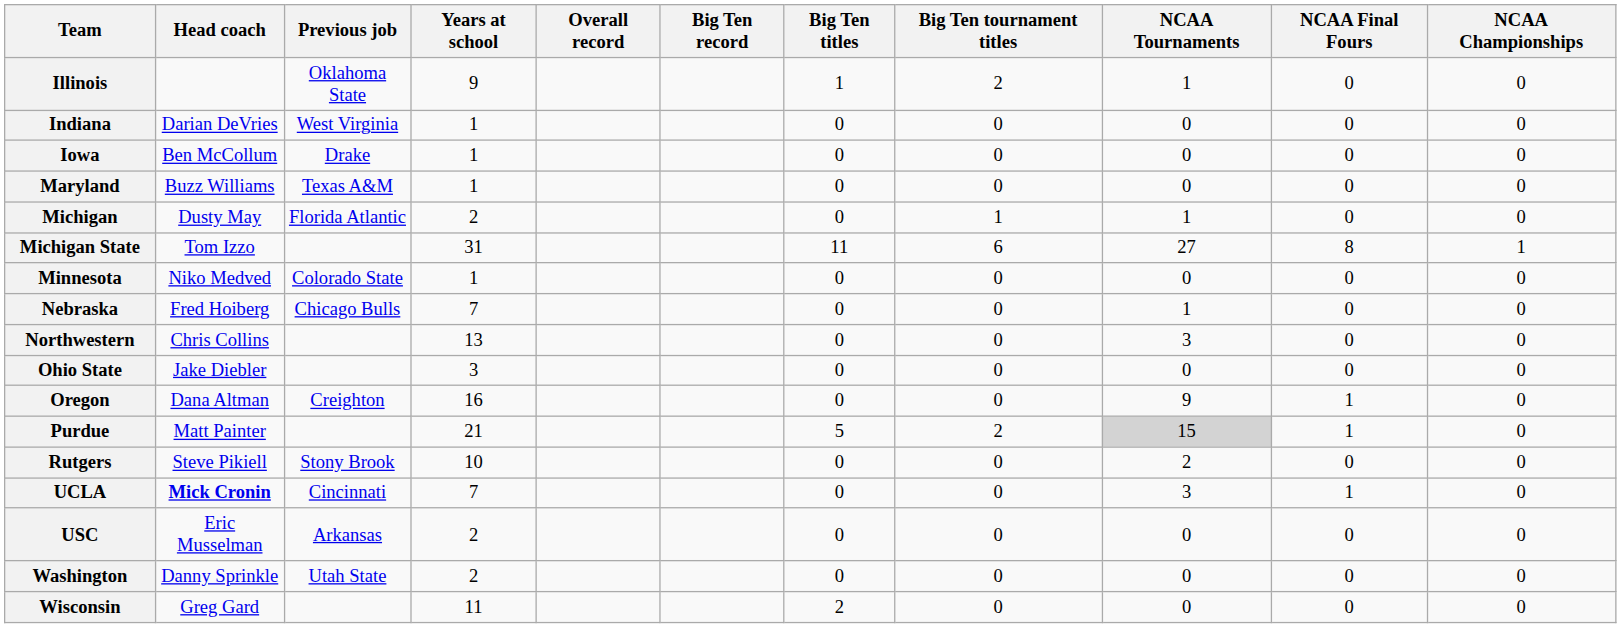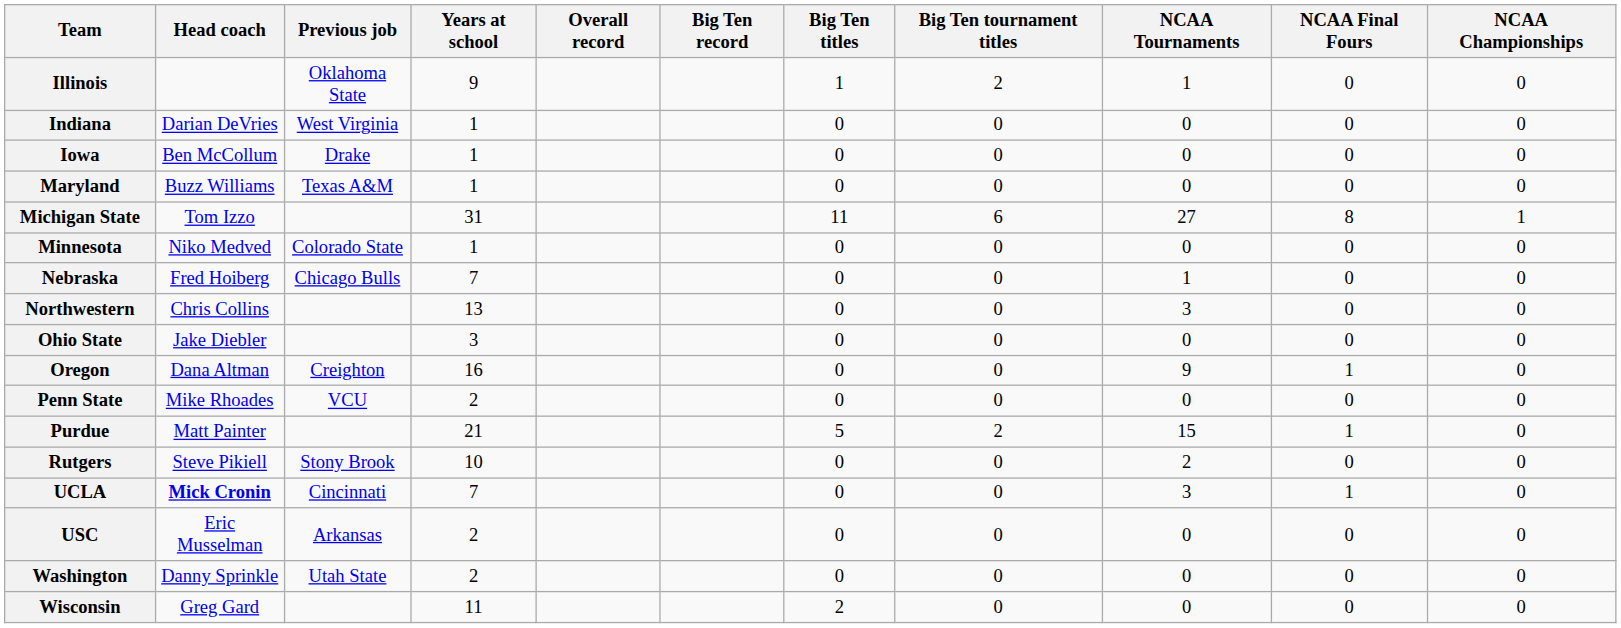 <table class="wikitable sortable" style="text-align: center;font-size:90%;">
 <tr>
 <th width="110">Team</th>
 <th>Head coach</th>
 <th>Previous job</th>
 <th>Years at school</th>
 <th>Overall record</th>
 <th>Big Ten record</th>
 <th>Big Ten titles</th>
 <th>Big Ten tournament titles</th>
 <th>NCAA Tournaments</th>
 <th>NCAA Final Fours</th>
 <th>NCAA Championships</th>
 </tr>
 <tr>
 <th style=background:#>Illinois</th>
 <td></td>
 <td><a href='#'>Oklahoma State</a></td>
 <td>9</td>
 <td></td>
 <td></td>
 <td>1</td>
 <td>2</td>
 <td>1</td>
 <td>0</td>
 <td>0</td>
 </tr>
 <tr>
 <th style=>Indiana</th>
 <td><a href='#'>Darian DeVries</a></td>
 <td><a href='#'>West Virginia</a></td>
 <td>1</td>
 <td></td>
 <td></td>
 <td>0</td>
 <td>0</td>
 <td>0</td>
 <td>0</td>
 <td>0</td>
 </tr>
 <tr>
 <th style=>Iowa</th>
 <td><a href='#'>Ben McCollum</a></td>
 <td><a href='#'>Drake</a></td>
 <td>1</td>
 <td></td>
 <td></td>
 <td>0</td>
 <td>0</td>
 <td>0</td>
 <td>0</td>
 <td>0</td>
 </tr>
 <tr>
 <th style=>Maryland</th>
 <td><a href='#'>Buzz Williams</a></td>
 <td><a href='#'>Texas A&M</a></td>
 <td>1</td>
 <td></td>
 <td></td>
 <td>0</td>
 <td>0</td>
 <td>0</td>
-<td>0</td>
-<td>0</td>
-</tr>
-<tr>
-<th style=>Michigan</th>
-<td><a href='#'>Dusty May</a></td>
-<td><a href='#'>Florida Atlantic</a></td>
-<td>2</td>
-<td></td>
-<td></td>
-<td>0</td>
-<td>1</td>
-<td>1</td>
 <td>0</td>
 <td>0</td>
 </tr>
 <tr>
 <th style=>Michigan State</th>
 <td><a href='#'>Tom Izzo</a></td>
 <td></td>
 <td>31</td>
 <td></td>
 <td></td>
 <td>11</td>
 <td>6</td>
 <td>27</td>
 <td>8</td>
 <td>1</td>
 </tr>
 <tr>
 <th style=>Minnesota</th>
 <td><a href='#'>Niko Medved</a></td>
 <td><a href='#'>Colorado State</a></td>
 <td>1</td>
 <td></td>
 <td></td>
 <td>0</td>
 <td>0</td>
 <td>0</td>
 <td>0</td>
 <td>0</td>
 </tr>
 <tr>
 <th style=>Nebraska</th>
 <td><a href='#'>Fred Hoiberg</a></td>
 <td><a href='#'>Chicago Bulls</a></td>
 <td>7</td>
 <td></td>
 <td></td>
 <td>0</td>
 <td>0</td>
 <td>1</td>
 <td>0</td>
 <td>0</td>
 </tr>
 <tr>
 <th style=>Northwestern</th>
 <td><a href='#'>Chris Collins</a></td>
 <td></td>
 <td>13</td>
 <td></td>
 <td></td>
 <td>0</td>
 <td>0</td>
 <td>3</td>
 <td>0</td>
 <td>0</td>
 </tr>
 <tr>
 <th style=>Ohio State</th>
 <td><a href='#'>Jake Diebler</a></td>
 <td></td>
 <td>3</td>
 <td></td>
 <td></td>
 <td>0</td>
 <td>0</td>
 <td>0</td>
 <td>0</td>
 <td>0</td>
 </tr>
 <tr>
 <th style=>Oregon</th>
 <td><a href='#'>Dana Altman</a></td>
 <td><a href='#'>Creighton</a></td>
 <td>16</td>
 <td></td>
 <td></td>
 <td>0</td>
 <td>0</td>
 <td>9</td>
 <td>1</td>
 <td>0</td>
 </tr>
 <tr>
+<th>Penn State</th>
+<td><a href='#'>Mike Rhoades</a></td>
+<td><a href='#'>VCU</a></td>
+<td>2</td>
+<td></td>
+<td></td>
+<td>0</td>
+<td>0</td>
+<td>0</td>
+<td>0</td>
+<td>0</td>
+</tr>
+<tr>
 <th style=>Purdue</th>
 <td><a href='#'>Matt Painter</a></td>
 <td></td>
 <td>21</td>
 <td></td>
 <td></td>
 <td>5</td>
 <td>2</td>
-<td style="background: lightgrey;">15</td>
+<td>15</td>
 <td>1</td>
 <td>0</td>
 </tr>
 <tr>
 <th style=>Rutgers</th>
 <td><a href='#'>Steve Pikiell</a></td>
 <td><a href='#'>Stony Brook</a></td>
 <td>10</td>
 <td></td>
 <td></td>
 <td>0</td>
 <td>0</td>
 <td>2</td>
 <td>0</td>
 <td>0</td>
 </tr>
 <tr>
 <th style=>UCLA</th>
 <td><strong><a href='#'>Mick Cronin</a></strong></td>
 <td><a href='#'>Cincinnati</a></td>
 <td>7</td>
 <td></td>
 <td></td>
 <td>0</td>
 <td>0</td>
 <td>3</td>
 <td>1</td>
 <td>0</td>
 </tr>
 <tr>
 <th style=>USC</th>
 <td><a href='#'>Eric Musselman</a></td>
 <td><a href='#'>Arkansas</a></td>
 <td>2</td>
 <td></td>
 <td></td>
 <td>0</td>
 <td>0</td>
 <td>0</td>
 <td>0</td>
 <td>0</td>
 </tr>
 <tr>
 <th style=>Washington</th>
 <td><a href='#'>Danny Sprinkle</a></td>
 <td><a href='#'>Utah State</a></td>
 <td>2</td>
 <td></td>
 <td></td>
 <td>0</td>
 <td>0</td>
 <td>0</td>
 <td>0</td>
 <td>0</td>
 </tr>
 <tr>
 <th style=>Wisconsin</th>
 <td><a href='#'>Greg Gard</a></td>
 <td></td>
 <td>11</td>
 <td></td>
 <td></td>
 <td>2</td>
 <td>0</td>
 <td>0</td>
 <td>0</td>
 <td>0</td>
 </tr>
 </table>
